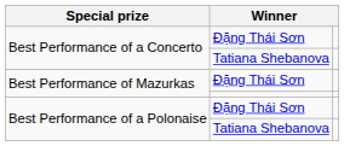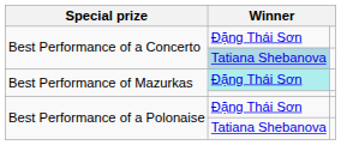 <table class="wikitable">
 <tr>
 <th>Special prize</th>
 <th colspan="2">Winner</th>
 </tr>
 <tr>
 <td rowspan="2">Best Performance of a Concerto</td>
 <td><a href='#'>Đặng Thái Sơn</a></td>
 <td></td>
 </tr>
 <tr>
-<td><a href='#'>Tatiana Shebanova</a></td>
+<td style="background: lightblue;"><a href='#'>Tatiana Shebanova</a></td>
 <td></td>
 </tr>
 <tr>
 <td rowspan="2">Best Performance of Mazurkas</td>
-<td><a href='#'>Đặng Thái Sơn</a></td>
+<td style="background: paleturquoise;"><a href='#'>Đặng Thái Sơn</a></td>
 <td></td>
 </tr>
 <tr>
 <td></td>
 <td></td>
 </tr>
 <tr>
 <td rowspan="2">Best Performance of a Polonaise</td>
 <td><a href='#'>Đặng Thái Sơn</a></td>
 <td></td>
 </tr>
 <tr>
 <td><a href='#'>Tatiana Shebanova</a></td>
 <td></td>
 </tr>
 </table>
